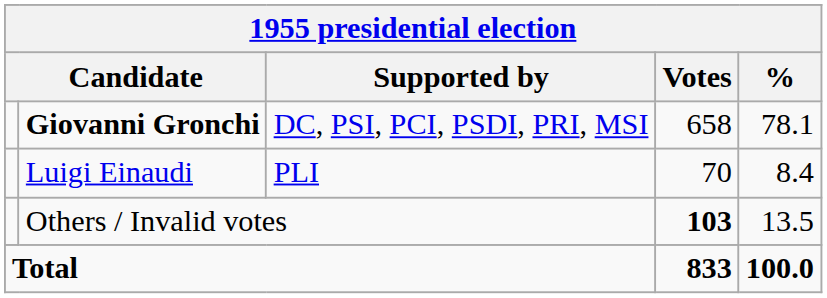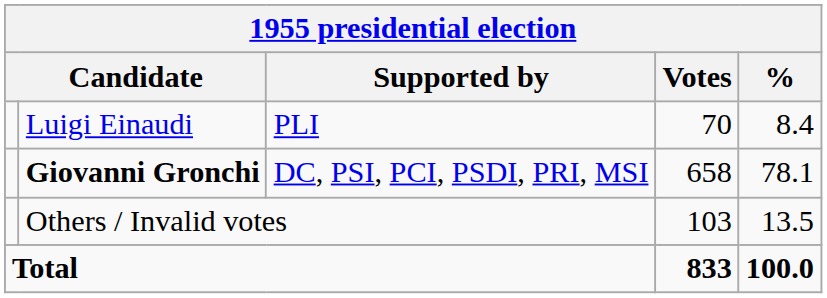 <table class=wikitable style=text-align:right>
 <tr>
 <th colspan=5><a href='#'>1955 presidential election</a> </th>
 </tr>
 <tr>
 <th colspan=2>Candidate</th>
 <th>Supported by</th>
 <th>Votes</th>
 <th>%</th>
 </tr>
 <tr>
 <td></td>
+<td align=left><a href='#'>Luigi Einaudi</a></td>
+<td align=left><a href='#'>PLI</a></td>
+<td>70</td>
+<td>8.4</td>
+</tr>
+<tr>
+<td></td>
 <td align=left><strong>Giovanni Gronchi</strong></td>
 <td align=left><a href='#'>DC</a>, <a href='#'>PSI</a>, <a href='#'>PCI</a>, <a href='#'>PSDI</a>, <a href='#'>PRI</a>, <a href='#'>MSI</a></td>
 <td>658</td>
 <td>78.1</td>
 </tr>
 <tr>
 <td></td>
-<td align=left><a href='#'>Luigi Einaudi</a></td>
-<td align=left><a href='#'>PLI</a></td>
-<td>70</td>
-<td>8.4</td>
-</tr>
-<tr>
-<td></td>
 <td align=left colspan=2>Others / Invalid votes</td>
-<td><strong>103</strong></td>
+<td>103</td>
 <td>13.5</td>
 </tr>
 <tr>
 <td align=left colspan=3><strong>Total</strong></td>
 <td><strong>833</strong></td>
 <td><strong>100.0</strong></td>
 </tr>
 </table>
